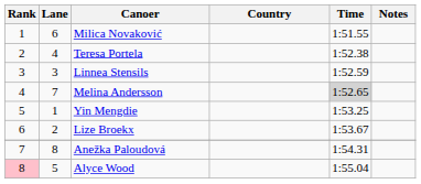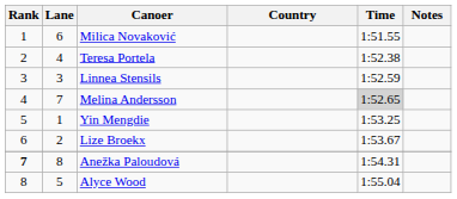 <table class="wikitable" style="text-align:center;">
 <tr>
 <th width=30>Rank</th>
 <th width=30>Lane</th>
 <th width=175>Canoer</th>
 <th width=150>Country</th>
 <th width=30>Time</th>
 <th width=50>Notes</th>
 </tr>
 <tr>
 <td>1</td>
 <td>6</td>
 <td align=left><a href='#'>Milica Novaković</a></td>
 <td align=left></td>
 <td>1:51.55</td>
 <td></td>
 </tr>
 <tr>
 <td>2</td>
 <td>4</td>
 <td align=left><a href='#'>Teresa Portela</a></td>
 <td align=left></td>
 <td>1:52.38</td>
 <td></td>
 </tr>
 <tr>
 <td>3</td>
 <td>3</td>
 <td align=left><a href='#'>Linnea Stensils</a></td>
 <td align=left></td>
 <td>1:52.59</td>
 <td></td>
 </tr>
 <tr>
 <td>4</td>
 <td>7</td>
 <td align=left><a href='#'>Melina Andersson</a></td>
 <td align=left></td>
 <td style="background: lightgrey;">1:52.65</td>
 <td></td>
 </tr>
 <tr>
 <td>5</td>
 <td>1</td>
 <td align=left><a href='#'>Yin Mengdie</a></td>
 <td align=left></td>
 <td>1:53.25</td>
 <td></td>
 </tr>
 <tr>
 <td>6</td>
 <td>2</td>
 <td align=left><a href='#'>Lize Broekx</a></td>
 <td align=left></td>
 <td>1:53.67</td>
 <td></td>
 </tr>
 <tr>
 </tr>
 <tr>
-<td>7</td>
+<td><strong>7</strong></td>
 <td>8</td>
 <td align=left><a href='#'>Anežka Paloudová</a></td>
 <td align=left></td>
 <td>1:54.31</td>
 <td></td>
 </tr>
 <tr>
-<td style="background: pink;">8</td>
+<td>8</td>
 <td>5</td>
 <td align=left><a href='#'>Alyce Wood</a></td>
 <td align=left></td>
 <td>1:55.04</td>
 <td></td>
 </tr>
 </table>
